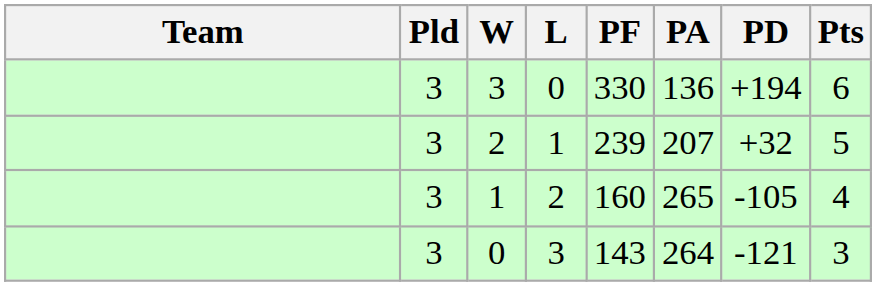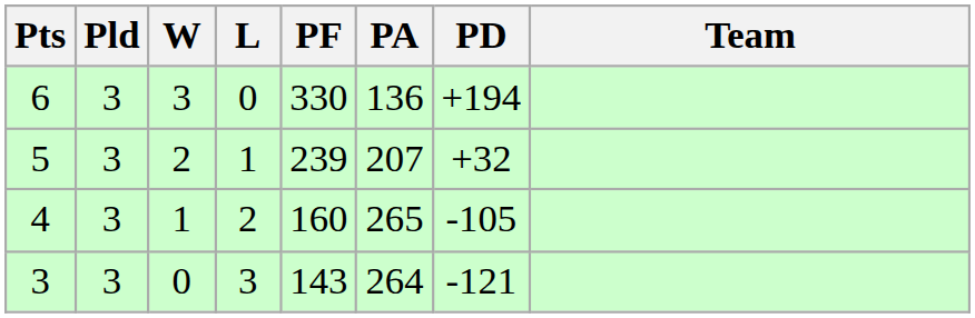 <table class="wikitable" style="text-align:center;">
 <tr>
-<th width=175>Team</th>
+<th width=20  abbr="Points">Pts</th>
 <th width=20  abbr="Played">Pld</th>
 <th width=20  abbr="Won">W</th>
 <th width=20  abbr="Lost">L</th>
 <th width=20  abbr="Points">PF</th>
 <th width=20  abbr="Points Against">PA</th>
 <th width=25  abbr="Points Difference">PD</th>
-<th width=20  abbr="Points">Pts</th>
+<th width=175>Team</th>
 </tr>
 <tr bgcolor="ccffcc">
-<td style="text-align:left"></td>
+<td>6</td>
 <td>3</td>
 <td>3</td>
 <td>0</td>
 <td>330</td>
 <td>136</td>
 <td>+194</td>
-<td>6</td>
+<td style="text-align:left"></td>
 </tr>
 <tr bgcolor="ccffcc">
-<td style="text-align:left"></td>
+<td>5</td>
 <td>3</td>
 <td>2</td>
 <td>1</td>
 <td>239</td>
 <td>207</td>
 <td>+32</td>
-<td>5</td>
+<td style="text-align:left"></td>
 </tr>
 <tr bgcolor="ccffcc">
-<td style="text-align:left"></td>
+<td>4</td>
 <td>3</td>
 <td>1</td>
 <td>2</td>
 <td>160</td>
 <td>265</td>
 <td>-105</td>
-<td>4</td>
+<td style="text-align:left"></td>
 </tr>
 <tr bgcolor="ccffcc">
-<td style="text-align:left"></td>
+<td>3</td>
 <td>3</td>
 <td>0</td>
 <td>3</td>
 <td>143</td>
 <td>264</td>
 <td>-121</td>
-<td>3</td>
+<td style="text-align:left"></td>
 </tr>
 </table>
